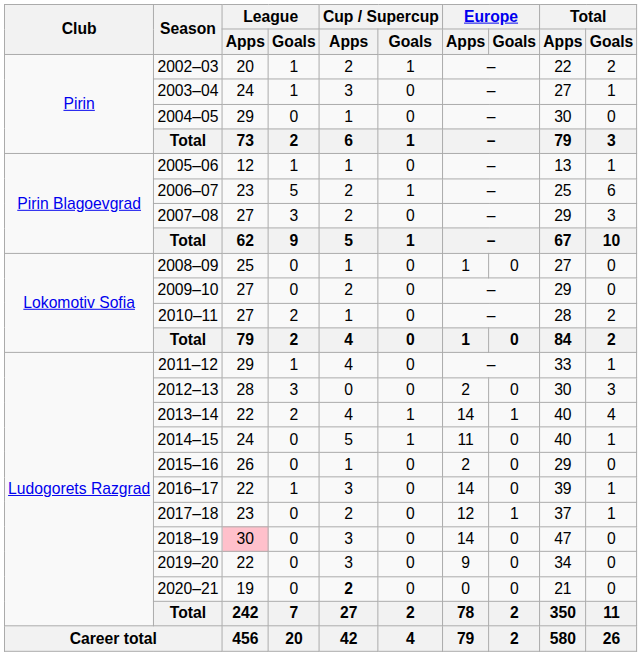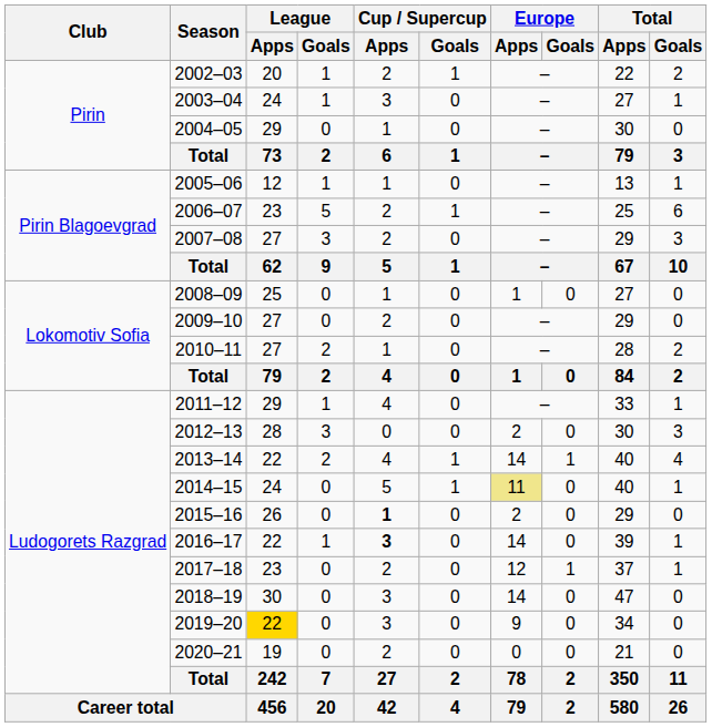 <table class="wikitable" style="text-align:center">
 <tr>
 <th rowspan="2">Club</th>
 <th rowspan="2">Season</th>
 <th colspan="2">League</th>
 <th colspan="2">Cup / Supercup</th>
 <th colspan="2"><a href='#'>Europe</a></th>
 <th colspan="2">Total</th>
 </tr>
 <tr>
 <th>Apps</th>
 <th>Goals</th>
 <th>Apps</th>
 <th>Goals</th>
 <th>Apps</th>
 <th>Goals</th>
 <th>Apps</th>
 <th>Goals</th>
 </tr>
 <tr>
 <td rowspan="4"><a href='#'>Pirin</a></td>
 <td>2002–03</td>
 <td>20</td>
 <td>1</td>
 <td>2</td>
 <td>1</td>
 <td colspan="2">–</td>
 <td>22</td>
 <td>2</td>
 </tr>
 <tr>
 <td>2003–04</td>
 <td>24</td>
 <td>1</td>
 <td>3</td>
 <td>0</td>
 <td colspan="2">–</td>
 <td>27</td>
 <td>1</td>
 </tr>
 <tr>
 <td>2004–05</td>
 <td>29</td>
 <td>0</td>
 <td>1</td>
 <td>0</td>
 <td colspan="2">–</td>
 <td>30</td>
 <td>0</td>
 </tr>
 <tr>
 <th>Total</th>
 <th>73</th>
 <th>2</th>
 <th>6</th>
 <th>1</th>
 <th colspan="2">–</th>
 <th>79</th>
 <th>3</th>
 </tr>
 <tr>
 <td rowspan="4"><a href='#'>Pirin Blagoevgrad</a></td>
 <td>2005–06</td>
 <td>12</td>
 <td>1</td>
 <td>1</td>
 <td>0</td>
 <td colspan="2">–</td>
 <td>13</td>
 <td>1</td>
 </tr>
 <tr>
 <td>2006–07</td>
 <td>23</td>
 <td>5</td>
 <td>2</td>
 <td>1</td>
 <td colspan="2">–</td>
 <td>25</td>
 <td>6</td>
 </tr>
 <tr>
 <td>2007–08</td>
 <td>27</td>
 <td>3</td>
 <td>2</td>
 <td>0</td>
 <td colspan="2">–</td>
 <td>29</td>
 <td>3</td>
 </tr>
 <tr>
 <th>Total</th>
 <th>62</th>
 <th>9</th>
 <th>5</th>
 <th>1</th>
 <th colspan="2">–</th>
 <th>67</th>
 <th>10</th>
 </tr>
 <tr>
 <td rowspan="4"><a href='#'>Lokomotiv Sofia</a></td>
 <td>2008–09</td>
 <td>25</td>
 <td>0</td>
 <td>1</td>
 <td>0</td>
 <td>1</td>
 <td>0</td>
 <td>27</td>
 <td>0</td>
 </tr>
 <tr>
 <td>2009–10</td>
 <td>27</td>
 <td>0</td>
 <td>2</td>
 <td>0</td>
 <td colspan="2">–</td>
 <td>29</td>
 <td>0</td>
 </tr>
 <tr>
 <td>2010–11</td>
 <td>27</td>
 <td>2</td>
 <td>1</td>
 <td>0</td>
 <td colspan="2">–</td>
 <td>28</td>
 <td>2</td>
 </tr>
 <tr>
 <th>Total</th>
 <th>79</th>
 <th>2</th>
 <th>4</th>
 <th>0</th>
 <th>1</th>
 <th>0</th>
 <th>84</th>
 <th>2</th>
 </tr>
 <tr>
 <td rowspan="11"><a href='#'>Ludogorets Razgrad</a></td>
 <td>2011–12</td>
 <td>29</td>
 <td>1</td>
 <td>4</td>
 <td>0</td>
 <td colspan="2">–</td>
 <td>33</td>
 <td>1</td>
 </tr>
 <tr>
 <td>2012–13</td>
 <td>28</td>
 <td>3</td>
 <td>0</td>
 <td>0</td>
 <td>2</td>
 <td>0</td>
 <td>30</td>
 <td>3</td>
 </tr>
 <tr>
 <td>2013–14</td>
 <td>22</td>
 <td>2</td>
 <td>4</td>
 <td>1</td>
 <td>14</td>
 <td>1</td>
 <td>40</td>
 <td>4</td>
 </tr>
 <tr>
 <td>2014–15</td>
 <td>24</td>
 <td>0</td>
 <td>5</td>
 <td>1</td>
-<td>11</td>
+<td style="background: khaki;">11</td>
 <td>0</td>
 <td>40</td>
 <td>1</td>
 </tr>
 <tr>
 <td>2015–16</td>
 <td>26</td>
 <td>0</td>
-<td>1</td>
+<td><strong>1</strong></td>
 <td>0</td>
 <td>2</td>
 <td>0</td>
 <td>29</td>
 <td>0</td>
 </tr>
 <tr>
 <td>2016–17</td>
 <td>22</td>
 <td>1</td>
-<td>3</td>
+<td><strong>3</strong></td>
 <td>0</td>
 <td>14</td>
 <td>0</td>
 <td>39</td>
 <td>1</td>
 </tr>
 <tr>
 <td>2017–18</td>
 <td>23</td>
 <td>0</td>
 <td>2</td>
 <td>0</td>
 <td>12</td>
 <td>1</td>
 <td>37</td>
 <td>1</td>
 </tr>
 <tr>
 <td>2018–19</td>
-<td style="background: pink;">30</td>
+<td>30</td>
 <td>0</td>
 <td>3</td>
 <td>0</td>
 <td>14</td>
 <td>0</td>
 <td>47</td>
 <td>0</td>
 </tr>
 <tr>
 <td>2019–20</td>
-<td>22</td>
+<td style="background: gold;">22</td>
 <td>0</td>
 <td>3</td>
 <td>0</td>
 <td>9</td>
 <td>0</td>
 <td>34</td>
 <td>0</td>
 </tr>
 <tr>
 <td>2020–21</td>
 <td>19</td>
 <td>0</td>
-<td><strong>2</strong></td>
+<td>2</td>
 <td>0</td>
 <td>0</td>
 <td>0</td>
 <td>21</td>
 <td>0</td>
 </tr>
 <tr>
 <th>Total</th>
 <th>242</th>
 <th>7</th>
 <th>27</th>
 <th>2</th>
 <th>78</th>
 <th>2</th>
 <th>350</th>
 <th>11</th>
 </tr>
 <tr>
 <th colspan="2">Career total</th>
 <th>456</th>
 <th>20</th>
 <th>42</th>
 <th>4</th>
 <th>79</th>
 <th>2</th>
 <th>580</th>
 <th>26</th>
 </tr>
 </table>
